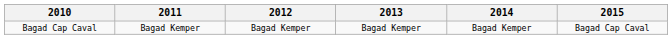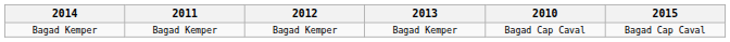 <table class="wikitable centre" width="800px" style="text-align:center;font-size:0.9em;table-layout:fixed;">
 <tr>
-<th scope="col">2010</th>
+<th scope="col">2014</th>
 <th scope="col">2011</th>
 <th scope="col">2012</th>
 <th scope="col">2013</th>
-<th scope="col">2014</th>
+<th scope="col">2010</th>
 <th scope="col">2015</th>
 </tr>
 <tr style="font-size:0.85em;">
-<td>Bagad Cap Caval</td>
 <td>Bagad Kemper</td>
 <td>Bagad Kemper</td>
 <td>Bagad Kemper</td>
 <td>Bagad Kemper</td>
 <td>Bagad Cap Caval</td>
+<td>Bagad Cap Caval</td>
 </tr>
 </table>
